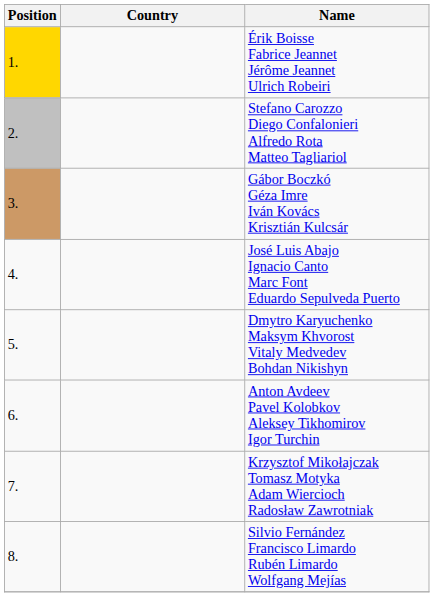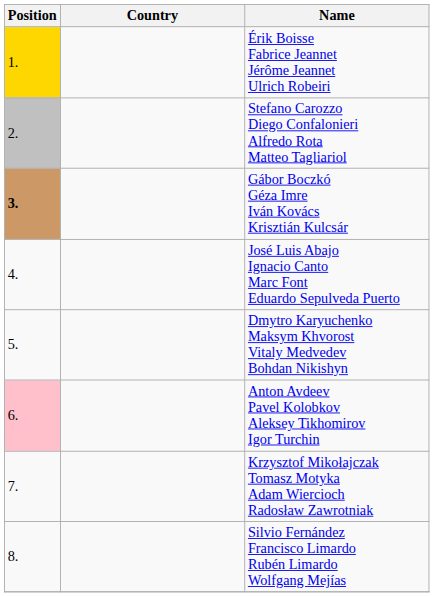 <table class="wikitable">
 <tr>
 <th width="10">Position</th>
 <th width="200">Country</th>
 <th width="200">Name</th>
 </tr>
 <tr>
 <td bgcolor="gold">1.</td>
 <td></td>
 <td><a href='#'>Érik Boisse</a><br><a href='#'>Fabrice Jeannet</a><br><a href='#'>Jérôme Jeannet</a><br><a href='#'>Ulrich Robeiri</a></td>
 </tr>
 <tr>
 <td bgcolor="silver">2.</td>
 <td></td>
 <td><a href='#'>Stefano Carozzo</a><br><a href='#'>Diego Confalonieri</a> <br><a href='#'>Alfredo Rota</a><br><a href='#'>Matteo Tagliariol</a></td>
 </tr>
 <tr>
-<td bgcolor="#CC9966">3.</td>
+<td bgcolor="#CC9966"><strong>3.</strong></td>
 <td></td>
 <td><a href='#'>Gábor Boczkó</a><br><a href='#'>Géza Imre</a> <br><a href='#'>Iván Kovács</a><br><a href='#'>Krisztián Kulcsár</a></td>
 </tr>
 <tr>
 <td>4.</td>
 <td></td>
 <td><a href='#'>José Luis Abajo</a><br><a href='#'>Ignacio Canto</a> <br><a href='#'>Marc Font</a> <br><a href='#'>Eduardo Sepulveda Puerto</a></td>
 </tr>
 <tr>
 <td>5.</td>
 <td></td>
 <td><a href='#'>Dmytro Karyuchenko</a><br><a href='#'>Maksym Khvorost</a> <br> <a href='#'>Vitaly Medvedev</a><br><a href='#'>Bohdan Nikishyn</a></td>
 </tr>
 <tr>
-<td>6.</td>
+<td style="background: pink;">6.</td>
 <td></td>
 <td><a href='#'>Anton Avdeev</a><br><a href='#'>Pavel Kolobkov</a><br><a href='#'>Aleksey Tikhomirov</a><br><a href='#'>Igor Turchin</a></td>
 </tr>
 <tr>
 <td>7.</td>
 <td></td>
 <td><a href='#'>Krzysztof Mikołajczak</a><br><a href='#'>Tomasz Motyka</a><br><a href='#'>Adam Wiercioch</a><br><a href='#'>Radosław Zawrotniak</a></td>
 </tr>
 <tr>
 <td>8.</td>
 <td></td>
 <td><a href='#'>Silvio Fernández</a><br><a href='#'>Francisco Limardo</a> <br><a href='#'>Rubén Limardo</a><br><a href='#'>Wolfgang Mejías</a></td>
 </tr>
 <tr>
 </tr>
 </table>
